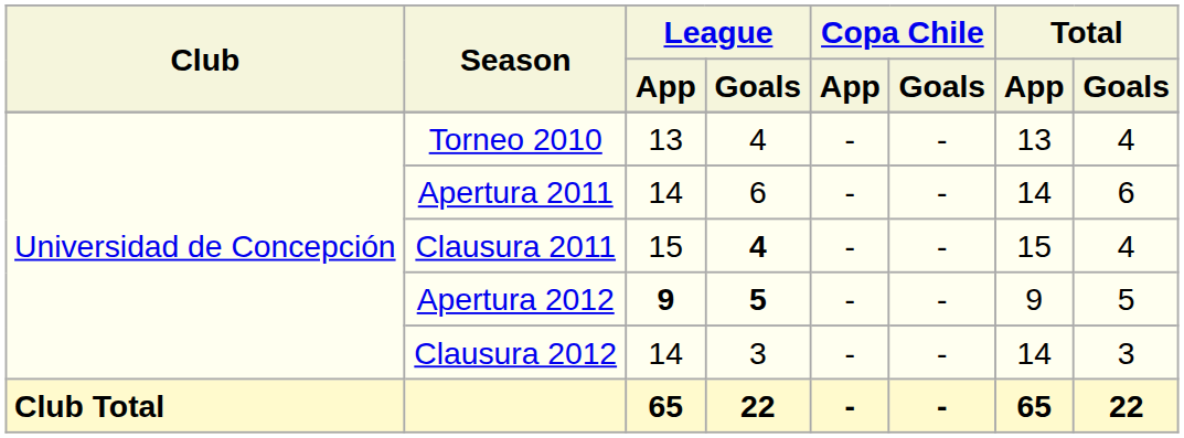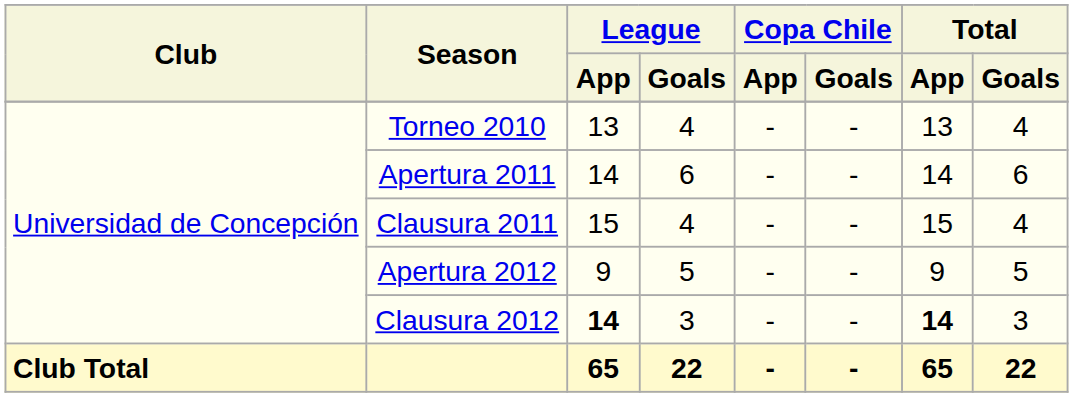 <table border=1 align=center cellpadding=4 cellspacing=2 style="background: ivory; font-size: 95%; border: 1px #aaaaaa solid; border-collapse: collapse; clear:center">
 <tr style="background:beige">
 <th rowspan="2">Club</th>
 <th rowspan="2">Season</th>
 <th colspan="2"><a href='#'>League</a></th>
 <th colspan="2"><a href='#'>Copa Chile</a></th>
 <th colspan="2">Total</th>
 </tr>
 <tr style="background:beige">
 <th>App</th>
 <th>Goals</th>
 <th>App</th>
 <th>Goals</th>
 <th>App</th>
 <th>Goals</th>
 </tr>
 <tr>
 </tr>
 <tr>
 <td rowspan="5"><a href='#'>Universidad de Concepción</a></td>
 <td align="center"><a href='#'>Torneo 2010</a></td>
 <td align="center">13</td>
 <td align="center">4</td>
 <td align="center">-</td>
 <td align="center">-</td>
 <td align="center">13</td>
 <td align="center">4</td>
 </tr>
 <tr>
 <td align="center"><a href='#'>Apertura 2011</a></td>
 <td align="center">14</td>
 <td align="center">6</td>
 <td align="center">-</td>
 <td align="center">-</td>
 <td align="center">14</td>
 <td align="center">6</td>
 </tr>
 <tr>
 <td align="center"><a href='#'>Clausura 2011</a></td>
 <td align="center">15</td>
-<td align="center"><strong>4</strong></td>
+<td align="center">4</td>
 <td align="center">-</td>
 <td align="center">-</td>
 <td align="center">15</td>
 <td align="center">4</td>
 </tr>
 <tr>
 <td align="center"><a href='#'>Apertura 2012</a></td>
-<td align="center"><strong>9</strong></td>
-<td align="center"><strong>5</strong></td>
+<td align="center">9</td>
+<td align="center">5</td>
 <td align="center">-</td>
 <td align="center">-</td>
 <td align="center">9</td>
 <td align="center">5</td>
 </tr>
 <tr>
 <td align="center"><a href='#'>Clausura 2012</a></td>
-<td align="center">14</td>
+<td align="center"><strong>14</strong></td>
 <td align="center">3</td>
 <td align="center">-</td>
 <td align="center">-</td>
-<td align="center">14</td>
+<td align="center"><strong>14</strong></td>
 <td align="center">3</td>
 </tr>
 <tr style="background:lemonchiffon">
 <th colspan="1" align="left">Club Total</th>
 <th></th>
 <th>65</th>
 <th>22</th>
 <th>-</th>
 <th>-</th>
 <th>65</th>
 <th>22</th>
 </tr>
 </table>
